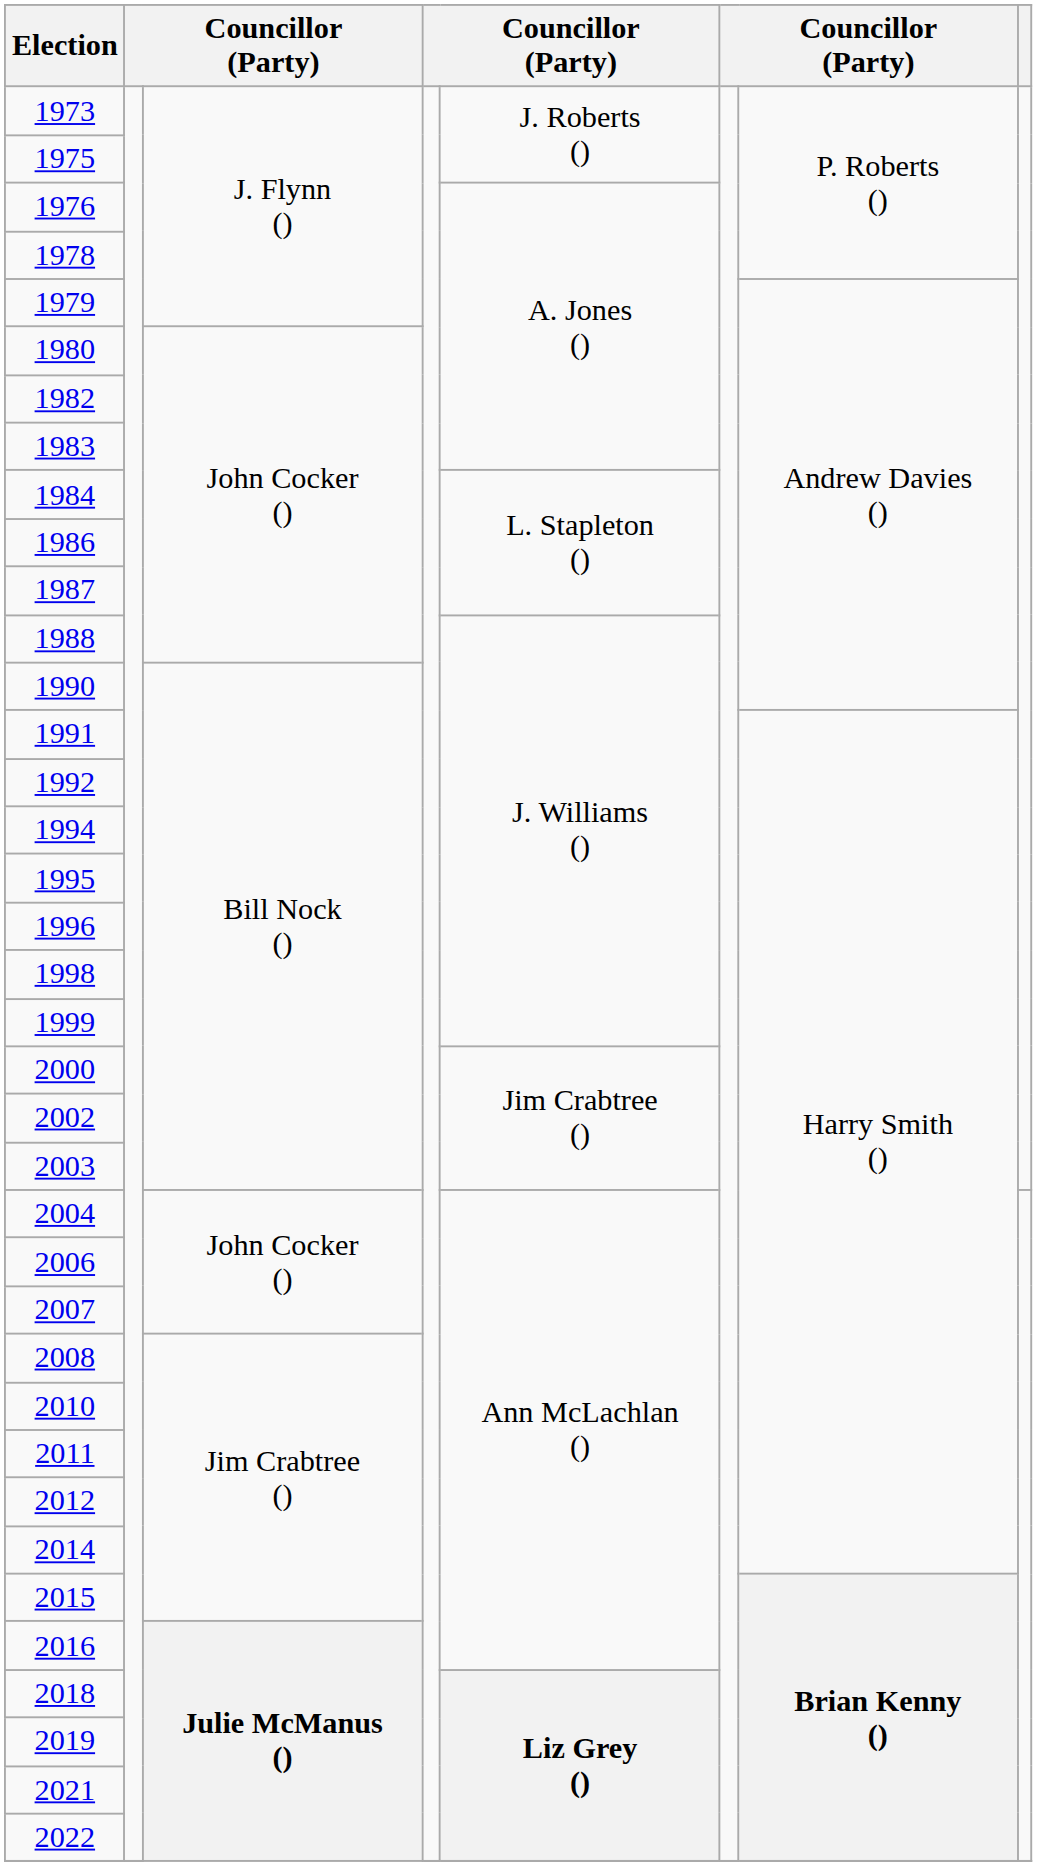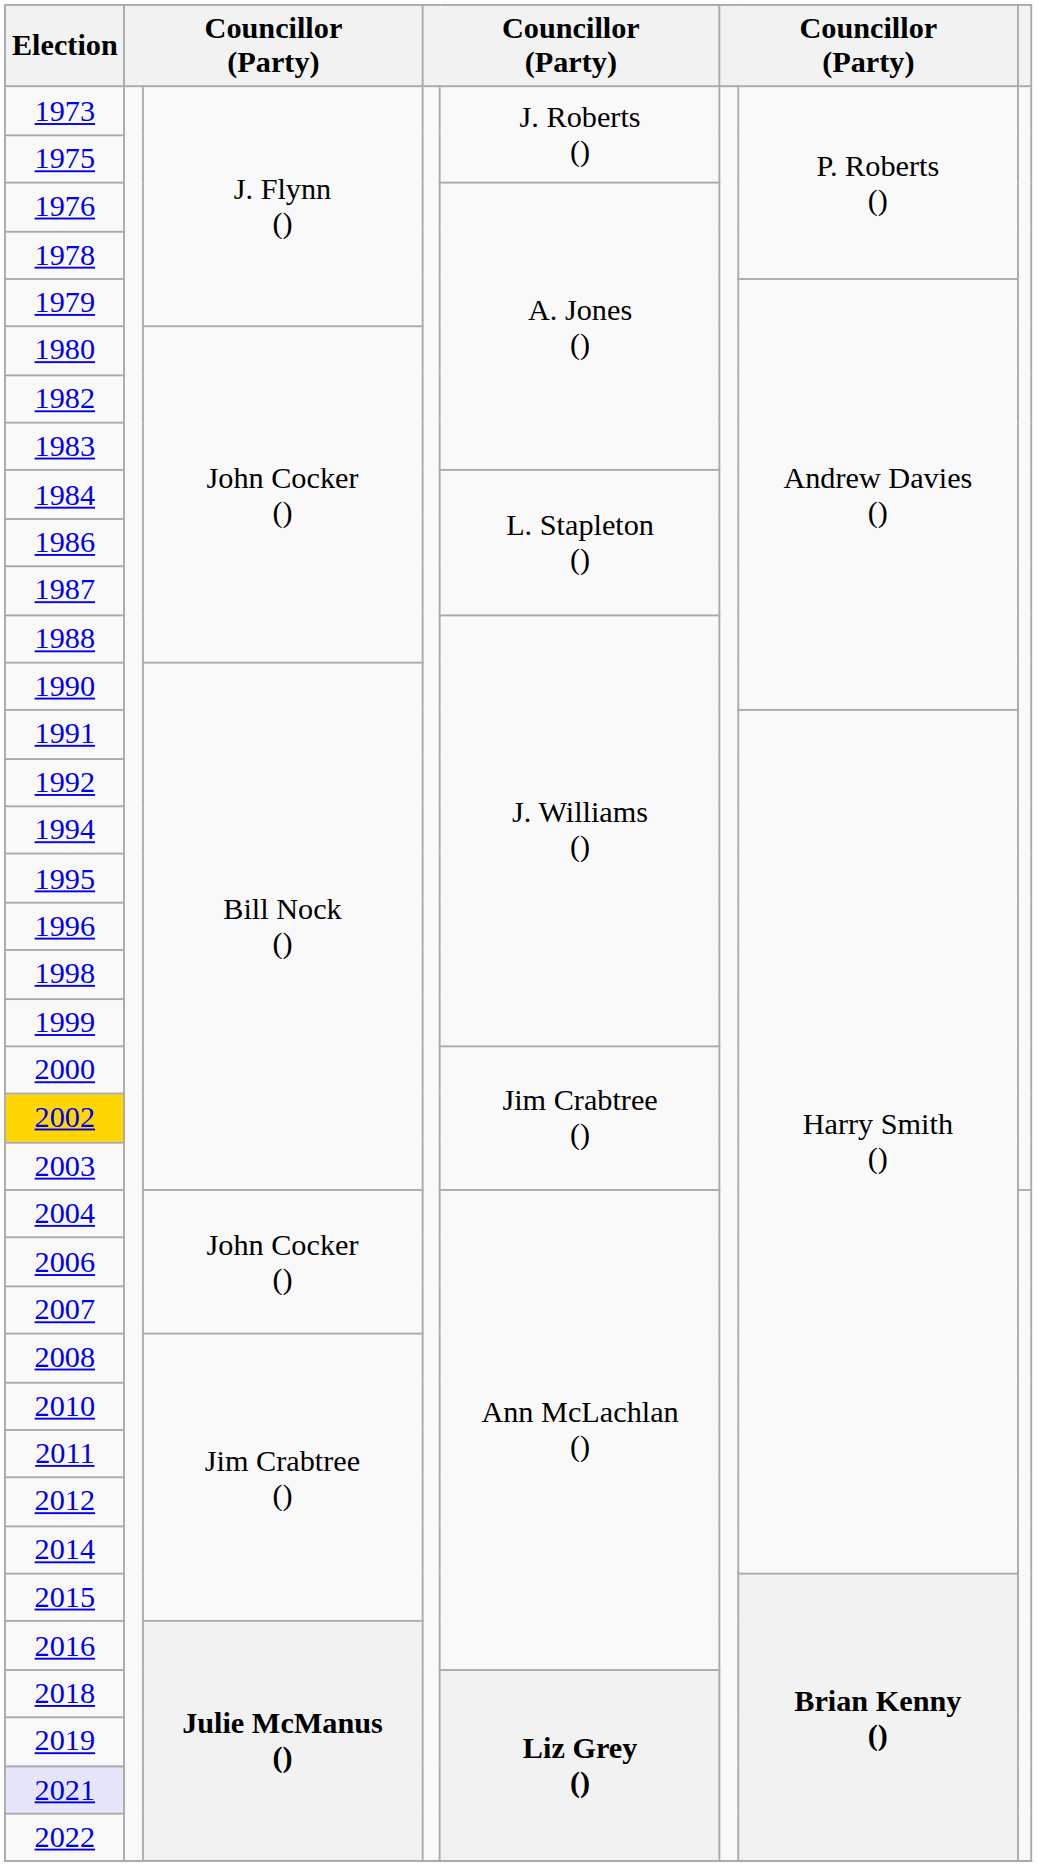 <table class="wikitable" style="text-align:center">
 <tr>
 <th>Election</th>
 <th scope="col" width="150" colspan = "2">Councillor<br> (Party)</th>
 <th scope="col" width="150" colspan = "2">Councillor<br> (Party)</th>
 <th scope="col" width="150" colspan = "2">Councillor<br> (Party)</th>
 <th></th>
 </tr>
 <tr>
 <td><a href='#'>1973</a></td>
 <td rowspan=37 style="background-color: "></td>
 <td rowspan=5>J. Flynn<br>(<a href='#'></a>)</td>
 <td rowspan=37 style="background-color: "></td>
 <td rowspan=2>J. Roberts<br>(<a href='#'></a>)</td>
 <td rowspan=37 style="background-color: "></td>
 <td rowspan=4>P. Roberts<br>(<a href='#'></a>)</td>
 <td rowspan=23></td>
 </tr>
 <tr>
 <td><a href='#'>1975</a></td>
 </tr>
 <tr>
 <td><a href='#'>1976</a></td>
 <td rowspan=6>A. Jones<br>(<a href='#'></a>)</td>
 </tr>
 <tr>
 <td><a href='#'>1978</a></td>
 </tr>
 <tr>
 <td><a href='#'>1979</a></td>
 <td rowspan=9>Andrew Davies<br>(<a href='#'></a>)</td>
 </tr>
 <tr>
 <td><a href='#'>1980</a></td>
 <td rowspan=7>John Cocker<br>(<a href='#'></a>)</td>
 </tr>
 <tr>
 <td><a href='#'>1982</a></td>
 </tr>
 <tr>
 <td><a href='#'>1983</a></td>
 </tr>
 <tr>
 <td><a href='#'>1984</a></td>
 <td rowspan=3>L. Stapleton<br>(<a href='#'></a>)</td>
 </tr>
 <tr>
 <td><a href='#'>1986</a></td>
 </tr>
 <tr>
 <td><a href='#'>1987</a></td>
 </tr>
 <tr>
 <td><a href='#'>1988</a></td>
 <td rowspan=9>J. Williams<br>(<a href='#'></a>)</td>
 </tr>
 <tr>
 <td><a href='#'>1990</a></td>
 <td rowspan=11>Bill Nock<br>(<a href='#'></a>)</td>
 </tr>
 <tr>
 <td><a href='#'>1991</a></td>
 <td rowspan=18>Harry Smith<br>(<a href='#'></a>)</td>
 </tr>
 <tr>
 <td><a href='#'>1992</a></td>
 </tr>
 <tr>
 <td><a href='#'>1994</a></td>
 </tr>
 <tr>
 <td><a href='#'>1995</a></td>
 </tr>
 <tr>
 <td><a href='#'>1996</a></td>
 </tr>
 <tr>
 <td><a href='#'>1998</a></td>
 </tr>
 <tr>
 <td><a href='#'>1999</a></td>
 </tr>
 <tr>
 <td><a href='#'>2000</a></td>
 <td rowspan=3>Jim Crabtree<br>(<a href='#'></a>)</td>
 </tr>
 <tr>
-<td><a href='#'>2002</a></td>
+<td style="background: gold;"><a href='#'>2002</a></td>
 </tr>
 <tr>
 <td><a href='#'>2003</a></td>
 </tr>
 <tr>
 <td><a href='#'>2004</a></td>
 <td rowspan=3>John Cocker<br>(<a href='#'></a>)</td>
 <td rowspan=10>Ann McLachlan<br>(<a href='#'></a>)</td>
 <td rowspan=14></td>
 </tr>
 <tr>
 <td><a href='#'>2006</a></td>
 </tr>
 <tr>
 <td><a href='#'>2007</a></td>
 </tr>
 <tr>
 <td><a href='#'>2008</a></td>
 <td rowspan=6>Jim Crabtree<br>(<a href='#'></a>)</td>
 </tr>
 <tr>
 <td><a href='#'>2010</a></td>
 </tr>
 <tr>
 <td><a href='#'>2011</a></td>
 </tr>
 <tr>
 <td><a href='#'>2012</a></td>
 </tr>
 <tr>
 <td><a href='#'>2014</a></td>
 </tr>
 <tr>
 <td><a href='#'>2015</a></td>
 <th rowspan=6>Brian Kenny<br>(<a href='#'></a>)</th>
 </tr>
 <tr>
 <td><a href='#'>2016</a></td>
 <th rowspan=6>Julie McManus<br>(<a href='#'></a>)</th>
 </tr>
 <tr>
 <td><a href='#'>2018</a></td>
 <th rowspan=4>Liz Grey<br>(<a href='#'></a>)</th>
 </tr>
 <tr>
 <td><a href='#'>2019</a></td>
 </tr>
 <tr>
-<td><a href='#'>2021</a></td>
+<td style="background: lavender;"><a href='#'>2021</a></td>
 </tr>
 <tr>
 <td><a href='#'>2022</a></td>
 </tr>
 <tr>
 </tr>
 </table>
